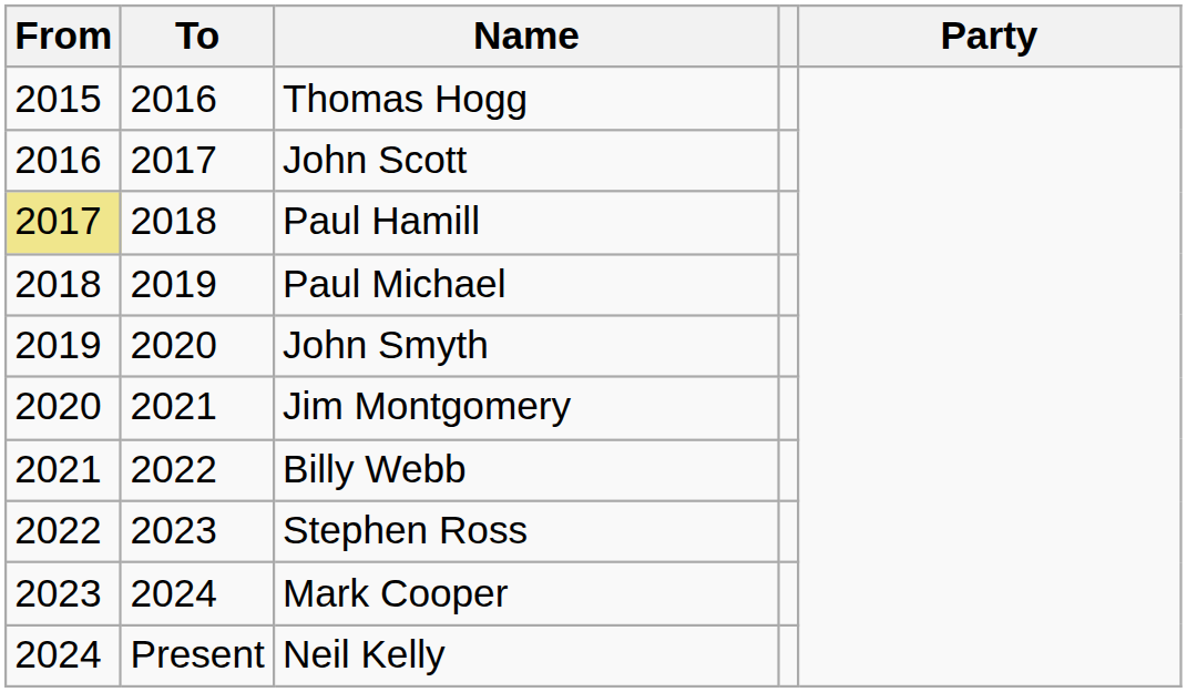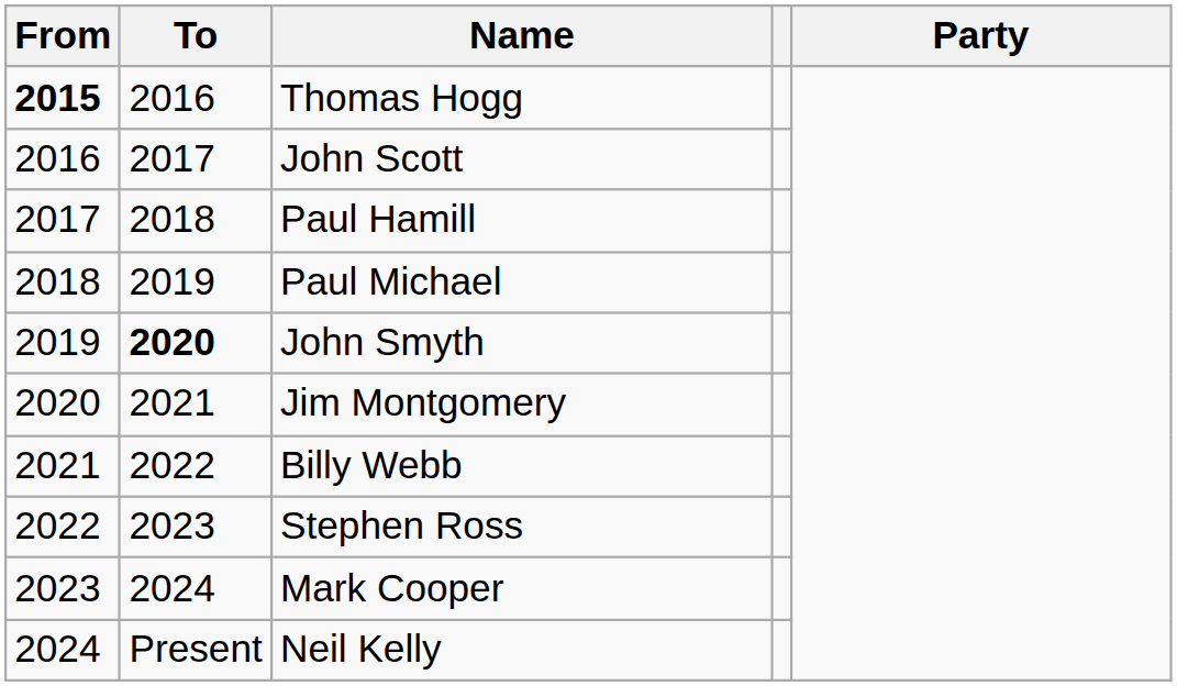 <table class="wikitable sortable">
 <tr>
 <th>From</th>
 <th>To</th>
 <th scope="col" width="200">Name</th>
 <th class="unsortable"></th>
 <th scope="col" width="150">Party</th>
 </tr>
 <tr>
-<td>2015</td>
+<td><strong>2015</strong></td>
 <td>2016</td>
 <td>Thomas Hogg</td>
 <td></td>
 </tr>
 <tr>
 <td>2016</td>
 <td>2017</td>
 <td>John Scott</td>
 <td></td>
 </tr>
 <tr>
-<td style="background: khaki;">2017</td>
+<td>2017</td>
 <td>2018</td>
 <td>Paul Hamill</td>
 <td></td>
 </tr>
 <tr>
 <td>2018</td>
 <td>2019</td>
 <td>Paul Michael</td>
 <td></td>
 </tr>
 <tr>
 <td>2019</td>
-<td>2020</td>
+<td><strong>2020</strong></td>
 <td>John Smyth</td>
 <td></td>
 </tr>
 <tr>
 <td>2020</td>
 <td>2021</td>
 <td>Jim Montgomery</td>
 <td></td>
 </tr>
 <tr>
 <td>2021</td>
 <td>2022</td>
 <td>Billy Webb</td>
 <td></td>
 </tr>
 <tr>
 <td>2022</td>
 <td>2023</td>
 <td>Stephen Ross</td>
 <td></td>
 </tr>
 <tr>
 <td>2023</td>
 <td>2024</td>
 <td>Mark Cooper</td>
 <td></td>
 </tr>
 <tr>
 <td>2024</td>
 <td>Present</td>
 <td>Neil Kelly</td>
 <td></td>
 </tr>
 </table>
